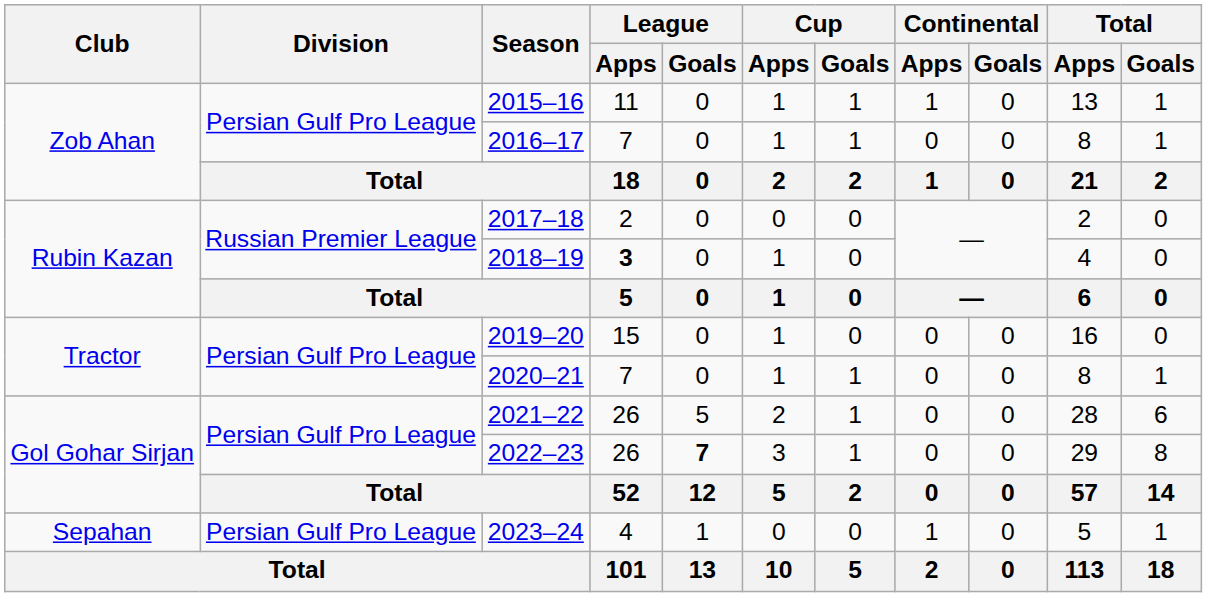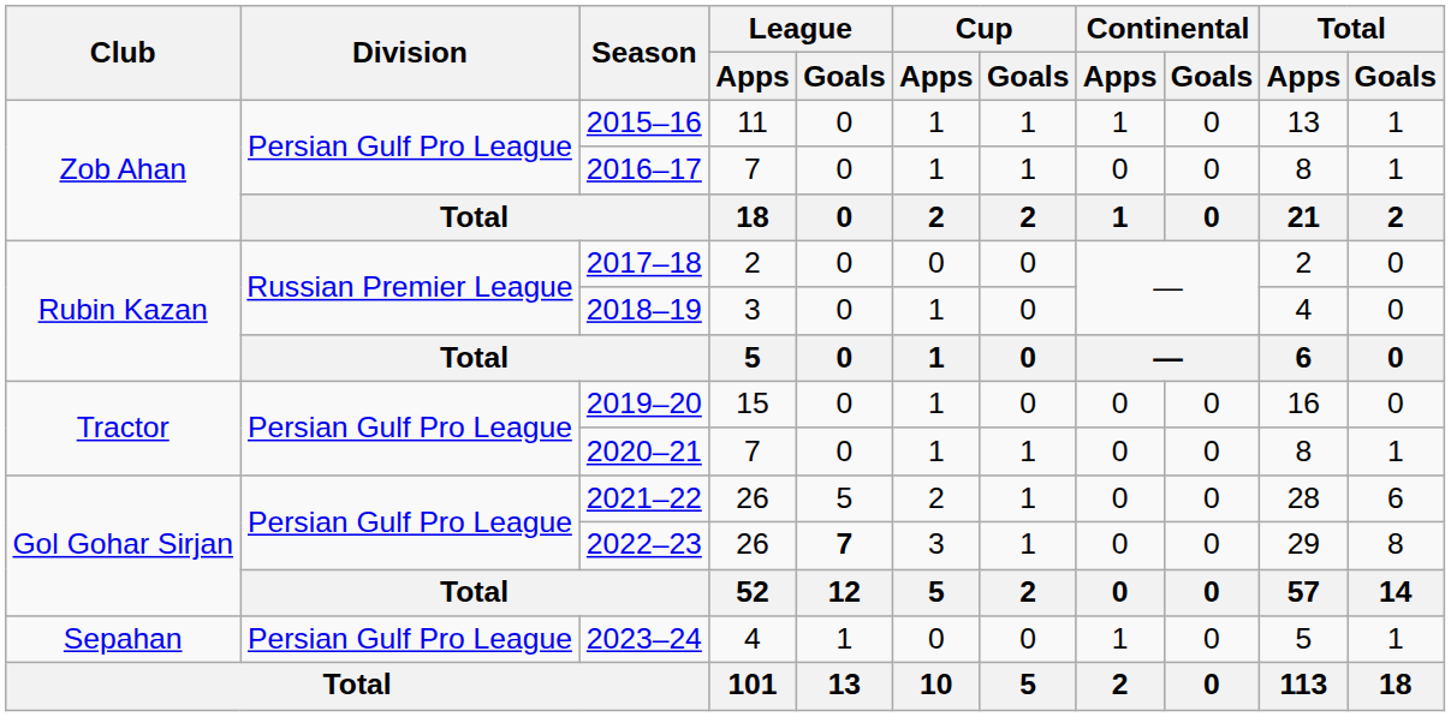 <table class="wikitable" style="text-align: center;">
 <tr>
 <th rowspan="2">Club</th>
 <th rowspan="2">Division</th>
 <th rowspan="2">Season</th>
 <th colspan="2">League</th>
 <th colspan="2">Cup</th>
 <th colspan="2">Continental</th>
 <th colspan="2">Total</th>
 </tr>
 <tr>
 <th>Apps</th>
 <th>Goals</th>
 <th>Apps</th>
 <th>Goals</th>
 <th>Apps</th>
 <th>Goals</th>
 <th>Apps</th>
 <th>Goals</th>
 </tr>
 <tr>
 <td rowspan="3"><a href='#'>Zob Ahan</a></td>
 <td rowspan="2"><a href='#'>Persian Gulf Pro League</a></td>
 <td><a href='#'>2015–16</a></td>
 <td>11</td>
 <td>0</td>
 <td>1</td>
 <td>1</td>
 <td>1</td>
 <td>0</td>
 <td>13</td>
 <td>1</td>
 </tr>
 <tr>
 <td><a href='#'>2016–17</a></td>
 <td>7</td>
 <td>0</td>
 <td>1</td>
 <td>1</td>
 <td>0</td>
 <td>0</td>
 <td>8</td>
 <td>1</td>
 </tr>
 <tr>
 <th colspan=2>Total</th>
 <th>18</th>
 <th>0</th>
 <th>2</th>
 <th>2</th>
 <th>1</th>
 <th>0</th>
 <th>21</th>
 <th>2</th>
 </tr>
 <tr>
 <td rowspan="3"><a href='#'>Rubin Kazan</a></td>
 <td rowspan="2"><a href='#'>Russian Premier League</a></td>
 <td><a href='#'>2017–18</a></td>
 <td>2</td>
 <td>0</td>
 <td>0</td>
 <td>0</td>
 <td colspan="2" rowspan="2">—</td>
 <td>2</td>
 <td>0</td>
 </tr>
 <tr>
 <td><a href='#'>2018–19</a></td>
-<td><strong>3</strong></td>
+<td>3</td>
 <td>0</td>
 <td>1</td>
 <td>0</td>
 <td>4</td>
 <td>0</td>
 </tr>
 <tr>
 <th colspan=2>Total</th>
 <th>5</th>
 <th>0</th>
 <th>1</th>
 <th>0</th>
 <th colspan=2>—</th>
 <th>6</th>
 <th>0</th>
 </tr>
 <tr>
 <td rowspan="2"><a href='#'>Tractor</a></td>
 <td rowspan="2"><a href='#'>Persian Gulf Pro League</a></td>
 <td><a href='#'>2019–20</a></td>
 <td>15</td>
 <td>0</td>
 <td>1</td>
 <td>0</td>
 <td>0</td>
 <td>0</td>
 <td>16</td>
 <td>0</td>
 </tr>
 <tr>
 <td><a href='#'>2020–21</a></td>
 <td>7</td>
 <td>0</td>
 <td>1</td>
 <td>1</td>
 <td>0</td>
 <td>0</td>
 <td>8</td>
 <td>1</td>
 </tr>
 <tr>
 <td rowspan="3"><a href='#'>Gol Gohar Sirjan</a></td>
 <td rowspan="2"><a href='#'>Persian Gulf Pro League</a></td>
 <td><a href='#'>2021–22</a></td>
 <td>26</td>
 <td>5</td>
 <td>2</td>
 <td>1</td>
 <td>0</td>
 <td>0</td>
 <td>28</td>
 <td>6</td>
 </tr>
 <tr>
 <td><a href='#'>2022–23</a></td>
 <td>26</td>
 <td><strong>7</strong></td>
 <td>3</td>
 <td>1</td>
 <td>0</td>
 <td>0</td>
 <td>29</td>
 <td>8</td>
 </tr>
 <tr>
 <th colspan=2>Total</th>
 <th>52</th>
 <th>12</th>
 <th>5</th>
 <th>2</th>
 <th>0</th>
 <th>0</th>
 <th>57</th>
 <th>14</th>
 </tr>
 <tr>
 <td><a href='#'>Sepahan</a></td>
 <td><a href='#'>Persian Gulf Pro League</a></td>
 <td><a href='#'>2023–24</a></td>
 <td>4</td>
 <td>1</td>
 <td>0</td>
 <td>0</td>
 <td>1</td>
 <td>0</td>
 <td>5</td>
 <td>1</td>
 </tr>
 <tr>
 <th colspan=3>Total</th>
 <th>101</th>
 <th>13</th>
 <th>10</th>
 <th>5</th>
 <th>2</th>
 <th>0</th>
 <th>113</th>
 <th>18</th>
 </tr>
 </table>
